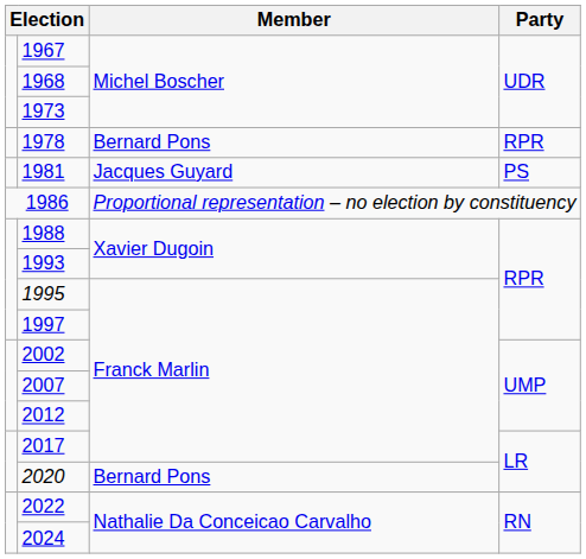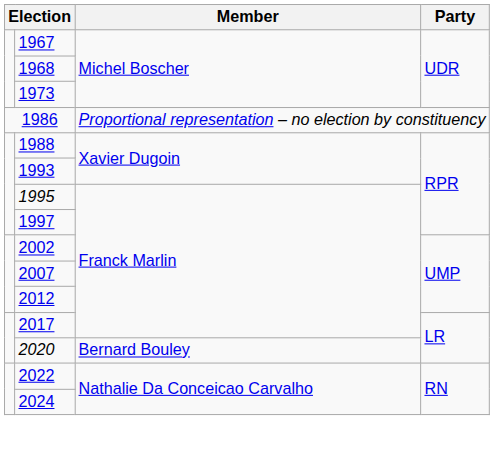 <table class="wikitable">
 <tr>
 <th colspan="2">Election</th>
 <th>Member</th>
 <th>Party</th>
 </tr>
 <tr>
 <td rowspan="3" style="color:inherit;background-color: "></td>
 <td><a href='#'>1967</a></td>
 <td rowspan="3"><a href='#'>Michel Boscher</a></td>
 <td rowspan="3"><a href='#'>UDR</a></td>
 </tr>
 <tr>
 <td><a href='#'>1968</a></td>
 </tr>
 <tr>
 <td><a href='#'>1973</a></td>
-</tr>
-<tr>
-<td style="color:inherit;background-color: "></td>
-<td><a href='#'>1978</a></td>
-<td><a href='#'>Bernard Pons</a></td>
-<td><a href='#'>RPR</a></td>
-</tr>
-<tr>
-<td style="color:inherit;background-color: "></td>
-<td><a href='#'>1981</a></td>
-<td><a href='#'>Jacques Guyard</a></td>
-<td><a href='#'>PS</a></td>
 </tr>
 <tr>
 <td colspan="2" align="center"><a href='#'>1986</a></td>
 <td colspan="2"><em><a href='#'>Proportional representation</a> – no election by constituency</em></td>
 </tr>
 <tr>
 <td rowspan="4" style="color:inherit;background-color: "></td>
 <td><a href='#'>1988</a></td>
 <td rowspan="2"><a href='#'>Xavier Dugoin</a></td>
 <td rowspan="4"><a href='#'>RPR</a></td>
 </tr>
 <tr>
 <td><a href='#'>1993</a></td>
 </tr>
 <tr>
 <td><em>1995</em></td>
 <td rowspan="6"><a href='#'>Franck Marlin</a></td>
 </tr>
 <tr>
 <td><a href='#'>1997</a></td>
 </tr>
 <tr>
 <td rowspan="3" style="color:inherit;background-color: "></td>
 <td><a href='#'>2002</a></td>
 <td rowspan="3"><a href='#'>UMP</a></td>
 </tr>
 <tr>
 <td><a href='#'>2007</a></td>
 </tr>
 <tr>
 <td><a href='#'>2012</a></td>
 </tr>
 <tr>
 <td rowspan="2" style="color:inherit;background-color: "></td>
 <td><a href='#'>2017</a></td>
 <td rowspan="2"><a href='#'>LR</a></td>
 </tr>
 <tr>
 <td><em>2020</em></td>
-<td><a href='#'>Bernard Pons</a></td>
+<td><a href='#'>Bernard Bouley</a></td>
 </tr>
 <tr>
 <td rowspan="2" style="color:inherit;background-color: "></td>
 <td><a href='#'>2022</a></td>
 <td rowspan="2"><a href='#'>Nathalie Da Conceicao Carvalho</a></td>
 <td rowspan="2"><a href='#'>RN</a></td>
 </tr>
 <tr>
 <td><a href='#'>2024</a></td>
 </tr>
 </table>
